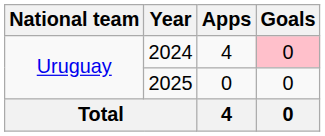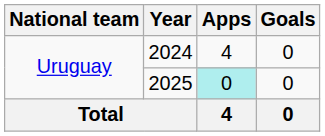 <table class="wikitable" style="text-align:center">
 <tr>
 <th>National team</th>
 <th>Year</th>
 <th>Apps</th>
 <th>Goals</th>
 </tr>
 <tr>
 <td rowspan="2"><a href='#'>Uruguay</a></td>
 <td>2024</td>
 <td>4</td>
-<td style="background: pink;">0</td>
+<td>0</td>
 </tr>
 <tr>
 <td>2025</td>
-<td>0</td>
+<td style="background: paleturquoise;">0</td>
 <td>0</td>
 </tr>
 <tr>
 <th colspan="2">Total</th>
 <th>4</th>
 <th>0</th>
 </tr>
 </table>
